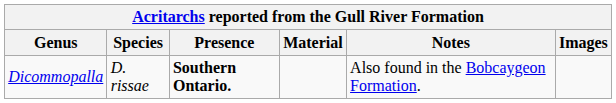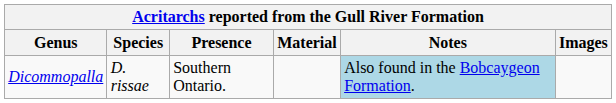 <table class="wikitable" align="center">
 <tr>
 <th colspan="6" align="center"><strong><a href='#'>Acritarchs</a> reported from the Gull River Formation</strong></th>
 </tr>
 <tr>
 <th>Genus</th>
 <th>Species</th>
 <th>Presence</th>
 <th><strong>Material</strong></th>
 <th>Notes</th>
 <th>Images</th>
 </tr>
 <tr>
 <td><em><a href='#'>Dicommopalla</a></em></td>
 <td><em>D. rissae</em></td>
-<td><strong>Southern Ontario.</strong></td>
+<td>Southern Ontario.</td>
 <td></td>
-<td>Also found in the <a href='#'>Bobcaygeon Formation</a>.</td>
+<td style="background: lightblue;">Also found in the <a href='#'>Bobcaygeon Formation</a>.</td>
 <td></td>
 </tr>
 <tr>
 </tr>
 </table>
